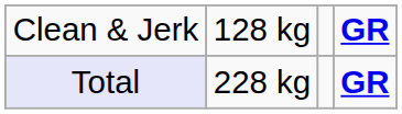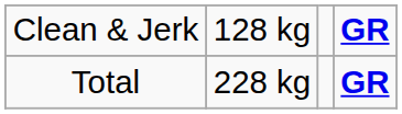 <table class = "wikitable" style="text-align:center;">
 <tr>
 <td>Clean & Jerk</td>
 <td>128 kg</td>
 <td align=left></td>
 <td><strong><a href='#'>GR</a></strong></td>
 </tr>
 <tr>
-<td style="background: lavender;">Total</td>
+<td>Total</td>
 <td>228 kg</td>
 <td align=left></td>
 <td><strong><a href='#'>GR</a></strong></td>
 </tr>
 </table>
